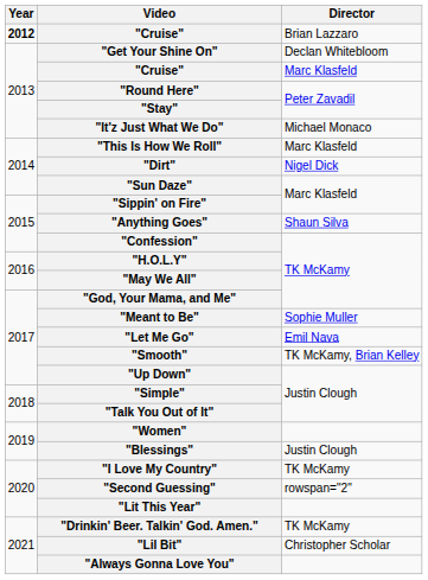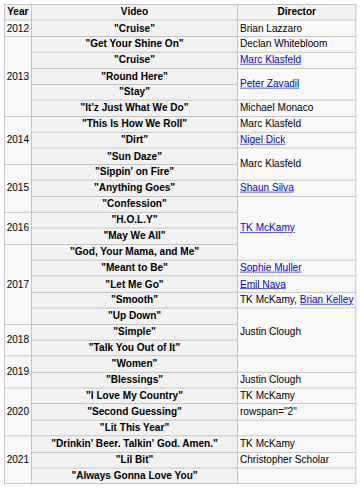 <table class="wikitable plainrowheaders">
 <tr>
 <th>Year</th>
 <th style="width:20em;">Video</th>
 <th>Director</th>
 </tr>
 <tr>
-<td><strong>2012</strong></td>
+<td>2012</td>
 <th scope="row">"Cruise"</th>
 <td>Brian Lazzaro</td>
 </tr>
 <tr>
 <td rowspan="5">2013</td>
 <th scope="row">"Get Your Shine On"</th>
 <td>Declan Whitebloom</td>
 </tr>
 <tr>
 <th scope="row">"Cruise"<br></th>
 <td><a href='#'>Marc Klasfeld</a></td>
 </tr>
 <tr>
 <th scope="row">"Round Here"</th>
 <td rowspan="2"><a href='#'>Peter Zavadil</a></td>
 </tr>
 <tr>
 <th scope="row">"Stay"</th>
 </tr>
 <tr>
 <th scope="row">"It'z Just What We Do"</th>
 <td>Michael Monaco</td>
 </tr>
 <tr>
 <td rowspan="3">2014</td>
 <th scope="row">"This Is How We Roll"<br></th>
 <td>Marc Klasfeld</td>
 </tr>
 <tr>
 <th scope="row">"Dirt"</th>
 <td><a href='#'>Nigel Dick</a></td>
 </tr>
 <tr>
 <th scope="row">"Sun Daze"</th>
 <td rowspan="2">Marc Klasfeld</td>
 </tr>
 <tr>
 <td rowspan="3">2015</td>
 <th scope="row">"Sippin' on Fire"</th>
 </tr>
 <tr>
 <th scope="row">"Anything Goes"</th>
 <td><a href='#'>Shaun Silva</a></td>
 </tr>
 <tr>
 <th scope="row">"Confession"</th>
 <td rowspan="4"><a href='#'>TK McKamy</a></td>
 </tr>
 <tr>
 <td rowspan="2">2016</td>
 <th scope="row">"H.O.L.Y"</th>
 </tr>
 <tr>
 <th scope="row">"May We All"<br></th>
 </tr>
 <tr>
 <td rowspan="5">2017</td>
 <th scope="row">"God, Your Mama, and Me"<br></th>
 </tr>
 <tr>
 <th scope="row">"Meant to Be"<br></th>
 <td><a href='#'>Sophie Muller</a></td>
 </tr>
 <tr>
 <th scope="row">"Let Me Go"<br></th>
 <td><a href='#'>Emil Nava</a></td>
 </tr>
 <tr>
 <th scope="row">"Smooth"</th>
 <td>TK McKamy, <a href='#'>Brian Kelley</a></td>
 </tr>
 <tr>
 <th scope="row">"Up Down"<br></th>
 <td rowspan="3">Justin Clough</td>
 </tr>
 <tr>
 <td rowspan="2">2018</td>
 <th scope="row">"Simple" </th>
 </tr>
 <tr>
 <th scope="row">"Talk You Out of It"</th>
 </tr>
 <tr>
 <td rowspan="2">2019</td>
 <th scope="row">"Women"<br></th>
 <td></td>
 </tr>
 <tr>
 <th scope="row">"Blessings"</th>
 <td>Justin Clough</td>
 </tr>
 <tr>
 <td rowspan="3">2020</td>
 <th scope="row">"I Love My Country"</th>
 <td>TK McKamy</td>
 </tr>
 <tr>
 <th scope="row">"Second Guessing"</th>
 <td>rowspan="2" </td>
 </tr>
 <tr>
 <th scope="row">"Lit This Year"</th>
 </tr>
 <tr>
 <td rowspan="3">2021</td>
 <th scope="row">"Drinkin' Beer. Talkin' God. Amen."<br></th>
 <td>TK McKamy</td>
 </tr>
 <tr>
 <th scope="row">"Lil Bit"</th>
 <td>Christopher Scholar</td>
 </tr>
 <tr>
 <th scope="row">"Always Gonna Love You"</th>
 <td></td>
 </tr>
 </table>
